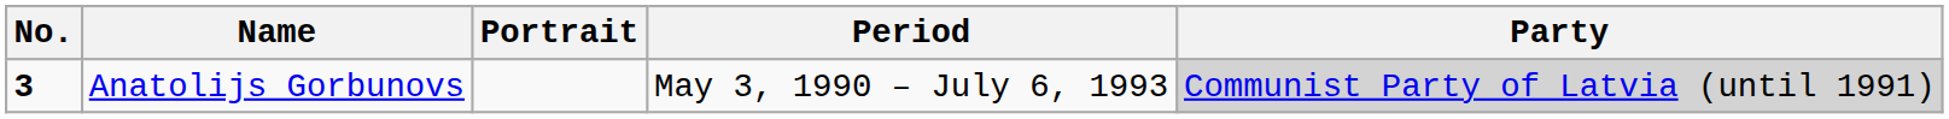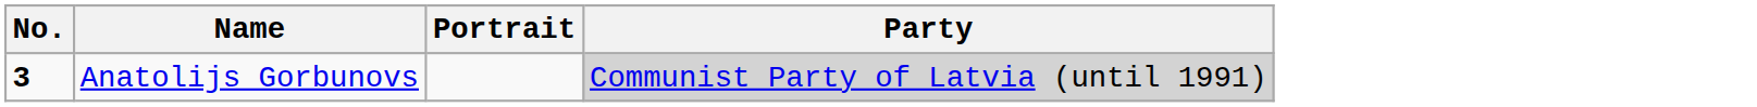 <table class="wikitable">
 <tr>
 <th>No.</th>
 <th>Name</th>
 <th>Portrait</th>
-<th>Period</th>
 <th>Party</th>
 </tr>
 <tr>
 <td style="background:"><strong>3</strong></td>
 <td><a href='#'>Anatolijs Gorbunovs</a></td>
 <td></td>
-<td>May 3, 1990 – July 6, 1993</td>
 <td style="background: lightgrey;"><a href='#'>Communist Party of Latvia</a> (until 1991)</td>
 </tr>
 </table>
